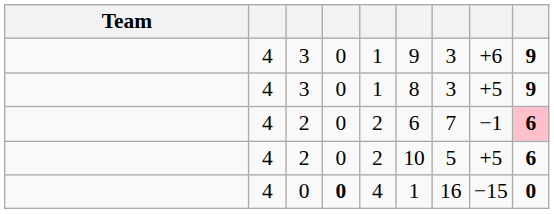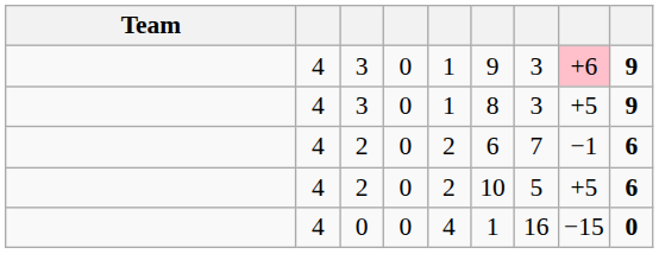 <table class="wikitable" style="text-align:center">
 <tr>
 <th width="175">Team</th>
 <th width="20"></th>
 <th width="20"></th>
 <th width="20"></th>
 <th width="20"></th>
 <th width="20"></th>
 <th width="20"></th>
 <th width="20"></th>
 <th width="20"></th>
 </tr>
 <tr>
 <td align=left></td>
 <td>4</td>
 <td>3</td>
 <td>0</td>
 <td>1</td>
 <td>9</td>
 <td>3</td>
-<td>+6</td>
+<td style="background: pink;">+6</td>
 <td><strong>9</strong></td>
 </tr>
 <tr>
 <td align=left></td>
 <td>4</td>
 <td>3</td>
 <td>0</td>
 <td>1</td>
 <td>8</td>
 <td>3</td>
 <td>+5</td>
 <td><strong>9</strong></td>
 </tr>
 <tr>
 <td align=left></td>
 <td>4</td>
 <td>2</td>
 <td>0</td>
 <td>2</td>
 <td>6</td>
 <td>7</td>
 <td>−1</td>
-<td style="background: pink;"><strong>6</strong></td>
+<td><strong>6</strong></td>
 </tr>
 <tr>
 <td align=left></td>
 <td>4</td>
 <td>2</td>
 <td>0</td>
 <td>2</td>
 <td>10</td>
 <td>5</td>
 <td>+5</td>
 <td><strong>6</strong></td>
 </tr>
 <tr>
 <td align=left></td>
 <td>4</td>
 <td>0</td>
-<td><strong>0</strong></td>
+<td>0</td>
 <td>4</td>
 <td>1</td>
 <td>16</td>
 <td>−15</td>
 <td><strong>0</strong></td>
 </tr>
 </table>
